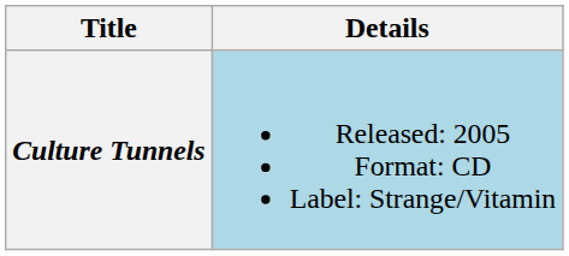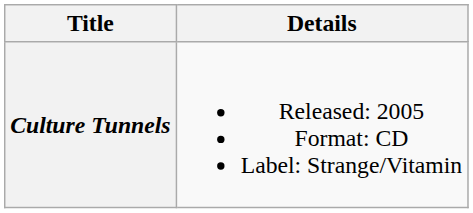 <table class="wikitable plainrowheaders" style="text-align:center;" border="1">
 <tr>
 <th>Title</th>
 <th>Details</th>
 </tr>
 <tr>
 <th scope="row"><em>Culture Tunnels</em></th>
-<td style="background: lightblue;"><br><ul><li>Released: 2005</li><li>Format: CD</li><li>Label: Strange/Vitamin</li></ul></td>
+<td><br><ul><li>Released: 2005</li><li>Format: CD</li><li>Label: Strange/Vitamin</li></ul></td>
 </tr>
 </table>
